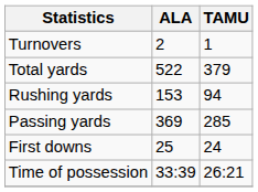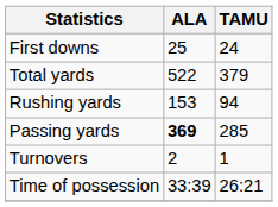 <table class="wikitable" style="float: left;">
 <tr>
 <th>Statistics</th>
 <th>ALA</th>
 <th>TAMU</th>
 </tr>
 <tr>
-<td>Turnovers</td>
-<td>2</td>
-<td>1</td>
+<td>First downs</td>
+<td>25</td>
+<td>24</td>
 </tr>
 <tr>
 <td>Total yards</td>
 <td>522</td>
 <td>379</td>
 </tr>
 <tr>
 <td>Rushing yards</td>
 <td>153</td>
 <td>94</td>
 </tr>
 <tr>
 <td>Passing yards</td>
-<td>369</td>
+<td><strong>369</strong></td>
 <td>285</td>
 </tr>
 <tr>
-<td>First downs</td>
-<td>25</td>
-<td>24</td>
+<td>Turnovers</td>
+<td>2</td>
+<td>1</td>
 </tr>
 <tr>
 <td>Time of possession</td>
 <td>33:39</td>
 <td>26:21</td>
 </tr>
 <tr>
 </tr>
 </table>
